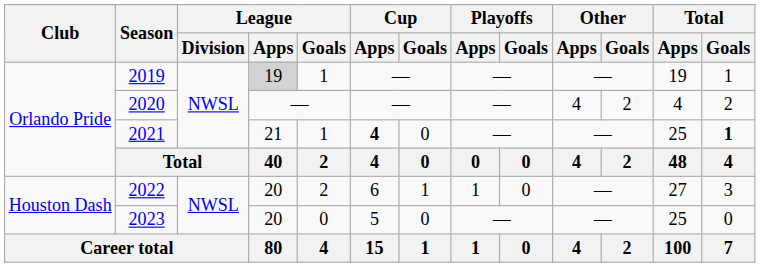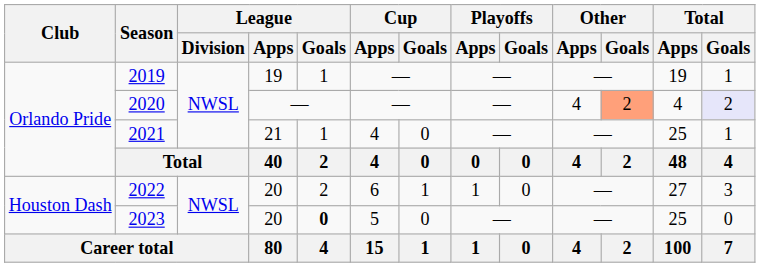 <table class="wikitable" style="text-align: center;">
 <tr>
 <th rowspan="2">Club</th>
 <th rowspan="2">Season</th>
 <th colspan="3">League</th>
 <th colspan="2">Cup</th>
 <th colspan="2">Playoffs</th>
 <th colspan="2">Other</th>
 <th colspan="2">Total</th>
 </tr>
 <tr>
 <th>Division</th>
 <th>Apps</th>
 <th>Goals</th>
 <th>Apps</th>
 <th>Goals</th>
 <th>Apps</th>
 <th>Goals</th>
 <th>Apps</th>
 <th>Goals</th>
 <th>Apps</th>
 <th>Goals</th>
 </tr>
 <tr>
 <td rowspan="4"><a href='#'>Orlando Pride</a></td>
 <td><a href='#'>2019</a></td>
 <td rowspan="3"><a href='#'>NWSL</a></td>
-<td style="background: lightgrey;">19</td>
+<td>19</td>
 <td>1</td>
 <td colspan="2">—</td>
 <td colspan="2">—</td>
 <td colspan="2">—</td>
 <td>19</td>
 <td>1</td>
 </tr>
 <tr>
 <td><a href='#'>2020</a></td>
 <td colspan="2">—</td>
 <td colspan="2">—</td>
 <td colspan="2">—</td>
 <td>4</td>
-<td>2</td>
+<td style="background: lightsalmon;">2</td>
 <td>4</td>
-<td>2</td>
+<td style="background: lavender;">2</td>
 </tr>
 <tr>
 <td><a href='#'>2021</a></td>
 <td>21</td>
 <td>1</td>
-<td><strong>4</strong></td>
+<td>4</td>
 <td>0</td>
 <td colspan="2">—</td>
 <td colspan="2">—</td>
 <td>25</td>
-<td><strong>1</strong></td>
+<td>1</td>
 </tr>
 <tr>
 <th colspan="2">Total</th>
 <th>40</th>
 <th>2</th>
 <th>4</th>
 <th>0</th>
 <th>0</th>
 <th>0</th>
 <th>4</th>
 <th>2</th>
 <th>48</th>
 <th>4</th>
 </tr>
 <tr>
 <td rowspan="2"><a href='#'>Houston Dash</a></td>
 <td><a href='#'>2022</a></td>
 <td rowspan="2"><a href='#'>NWSL</a></td>
 <td>20</td>
 <td>2</td>
 <td>6</td>
 <td>1</td>
 <td>1</td>
 <td>0</td>
 <td colspan="2">—</td>
 <td>27</td>
 <td>3</td>
 </tr>
 <tr>
 <td><a href='#'>2023</a></td>
 <td>20</td>
-<td>0</td>
+<td><strong>0</strong></td>
 <td>5</td>
 <td>0</td>
 <td colspan="2">—</td>
 <td colspan="2">—</td>
 <td>25</td>
 <td>0</td>
 </tr>
 <tr>
 <th colspan="3">Career total</th>
 <th>80</th>
 <th>4</th>
 <th>15</th>
 <th>1</th>
 <th>1</th>
 <th>0</th>
 <th>4</th>
 <th>2</th>
 <th>100</th>
 <th>7</th>
 </tr>
 </table>
